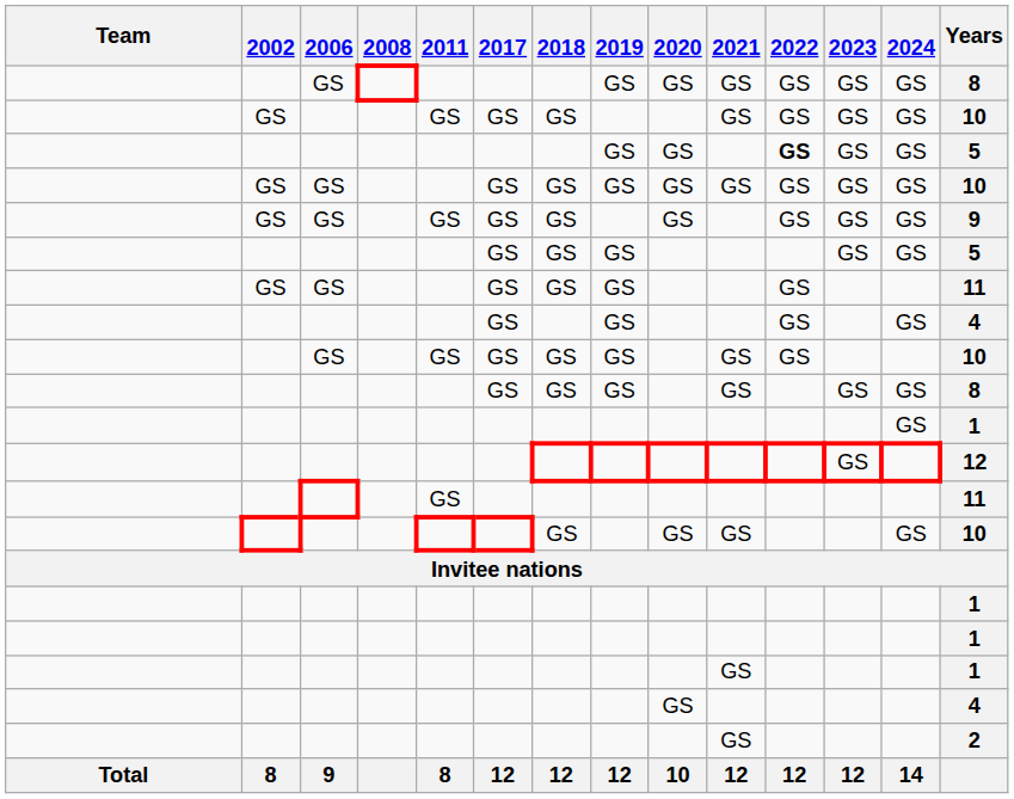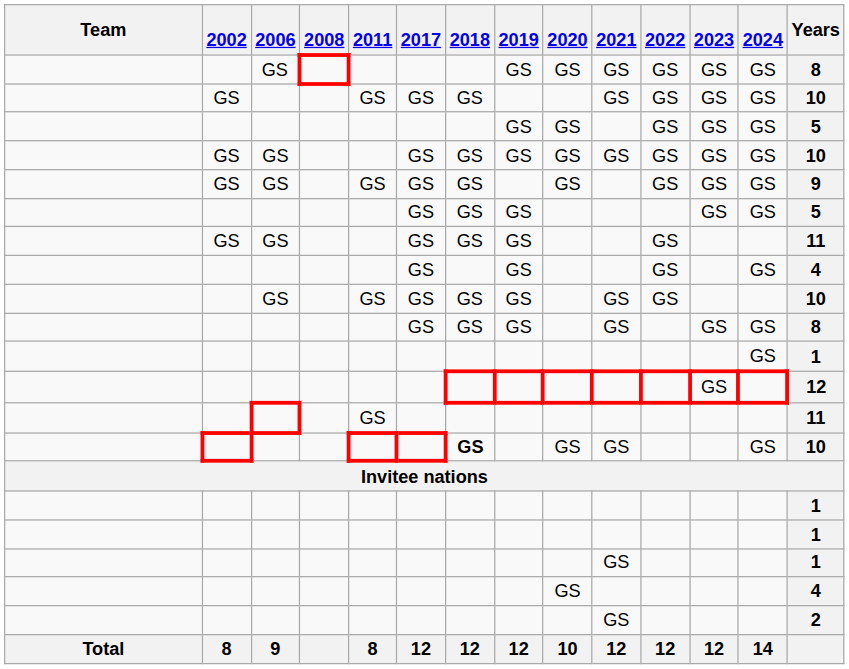 <table class="wikitable" style="text-align:center; font-size:90%">
 <tr>
 <th width=150>Team</th>
 <th><br><a href='#'>2002</a></th>
 <th><br><a href='#'>2006</a></th>
 <th><br><a href='#'>2008</a></th>
 <th><br><a href='#'>2011</a></th>
 <th><br><a href='#'>2017</a></th>
 <th><br><a href='#'>2018</a></th>
 <th><br><a href='#'>2019</a></th>
 <th><br><a href='#'>2020</a></th>
 <th><br><a href='#'>2021</a></th>
 <th><br><a href='#'>2022</a></th>
 <th><br><a href='#'>2023</a></th>
 <th><br><a href='#'>2024</a></th>
 <th>Years</th>
 </tr>
 <tr>
 <td align=left></td>
 <td></td>
 <td>GS</td>
 <td style="border: 3px solid red"></td>
 <td></td>
 <td></td>
 <td></td>
 <td>GS</td>
 <td>GS</td>
 <td>GS</td>
 <td>GS</td>
 <td>GS</td>
 <td>GS</td>
 <th>8</th>
 </tr>
 <tr>
 <td align=left></td>
 <td>GS</td>
 <td></td>
 <td></td>
 <td>GS</td>
 <td>GS</td>
 <td>GS</td>
 <td></td>
 <td></td>
 <td>GS</td>
 <td>GS</td>
 <td>GS</td>
 <td>GS</td>
 <th>10</th>
 </tr>
 <tr>
 <td align=left></td>
 <td></td>
 <td></td>
 <td></td>
 <td></td>
 <td></td>
 <td></td>
 <td>GS</td>
 <td>GS</td>
 <td></td>
-<td><strong>GS</strong></td>
+<td>GS</td>
 <td>GS</td>
 <td>GS</td>
 <th>5</th>
 </tr>
 <tr>
 <td align=left></td>
 <td>GS</td>
 <td>GS</td>
 <td></td>
 <td></td>
 <td>GS</td>
 <td>GS</td>
 <td>GS</td>
 <td>GS</td>
 <td>GS</td>
 <td>GS</td>
 <td>GS</td>
 <td>GS</td>
 <th>10</th>
 </tr>
 <tr>
 <td align=left></td>
 <td>GS</td>
 <td>GS</td>
 <td></td>
 <td>GS</td>
 <td>GS</td>
 <td>GS</td>
 <td></td>
 <td>GS</td>
 <td></td>
 <td>GS</td>
 <td>GS</td>
 <td>GS</td>
 <th>9</th>
 </tr>
 <tr>
 <td align=left></td>
 <td></td>
 <td></td>
 <td></td>
 <td></td>
 <td>GS</td>
 <td>GS</td>
 <td>GS</td>
 <td></td>
 <td></td>
 <td></td>
 <td>GS</td>
 <td>GS</td>
 <th>5</th>
 </tr>
 <tr>
 <td align=left></td>
 <td>GS</td>
 <td>GS</td>
 <td></td>
 <td></td>
 <td>GS</td>
 <td>GS</td>
 <td>GS</td>
 <td></td>
 <td></td>
 <td>GS</td>
 <td></td>
 <td></td>
 <th>11</th>
 </tr>
 <tr>
 <td align=left></td>
 <td></td>
 <td></td>
 <td></td>
 <td></td>
 <td>GS</td>
 <td></td>
 <td>GS</td>
 <td></td>
 <td></td>
 <td>GS</td>
 <td></td>
 <td>GS</td>
 <th>4</th>
 </tr>
 <tr>
 <td align=left></td>
 <td></td>
 <td>GS</td>
 <td></td>
 <td>GS</td>
 <td>GS</td>
 <td>GS</td>
 <td>GS</td>
 <td></td>
 <td>GS</td>
 <td>GS</td>
 <td></td>
 <td></td>
 <th>10</th>
 </tr>
 <tr>
 <td align=left></td>
 <td></td>
 <td></td>
 <td></td>
 <td></td>
 <td>GS</td>
 <td>GS</td>
 <td>GS</td>
 <td></td>
 <td>GS</td>
 <td></td>
 <td>GS</td>
 <td>GS</td>
 <th>8</th>
 </tr>
 <tr>
 <td align=left></td>
 <td></td>
 <td></td>
 <td></td>
 <td></td>
 <td></td>
 <td></td>
 <td></td>
 <td></td>
 <td></td>
 <td></td>
 <td></td>
 <td>GS</td>
 <th>1</th>
 </tr>
 <tr>
 <td align=left></td>
 <td></td>
 <td></td>
 <td></td>
 <td></td>
 <td></td>
 <td style="border: 3px solid red"></td>
 <td style="border: 3px solid red"></td>
 <td style="border: 3px solid red"></td>
 <td style="border: 3px solid red"></td>
 <td style="border: 3px solid red"></td>
 <td style="border: 3px solid red">GS</td>
 <td style="border: 3px solid red"></td>
 <th>12</th>
 </tr>
 <tr>
 <td align=left></td>
 <td></td>
 <td style="border: 3px solid red"></td>
 <td></td>
 <td>GS</td>
 <td></td>
 <td></td>
 <td></td>
 <td></td>
 <td></td>
 <td></td>
 <td></td>
 <td></td>
 <th>11</th>
 </tr>
 <tr>
 <td align=left></td>
 <td style="border: 3px solid red"></td>
 <td></td>
 <td></td>
 <td style="border: 3px solid red"></td>
 <td style="border: 3px solid red"></td>
-<td>GS</td>
+<td><strong>GS</strong></td>
 <td></td>
 <td>GS</td>
 <td>GS</td>
 <td></td>
 <td></td>
 <td>GS</td>
 <th>10</th>
 </tr>
 <tr>
 <th colspan=14>Invitee nations</th>
 </tr>
 <tr>
 <td align=left></td>
 <td></td>
 <td></td>
 <td></td>
 <td></td>
 <td></td>
 <td></td>
 <td></td>
 <td></td>
 <td></td>
 <td></td>
 <td></td>
 <td></td>
 <th>1</th>
 </tr>
 <tr>
 <td align=left></td>
 <td></td>
 <td></td>
 <td></td>
 <td></td>
 <td></td>
 <td></td>
 <td></td>
 <td></td>
 <td></td>
 <td></td>
 <td></td>
 <td></td>
 <th>1</th>
 </tr>
 <tr>
 <td align=left></td>
 <td></td>
 <td></td>
 <td></td>
 <td></td>
 <td></td>
 <td></td>
 <td></td>
 <td></td>
 <td>GS</td>
 <td></td>
 <td></td>
 <td></td>
 <th>1</th>
 </tr>
 <tr>
 <td align=left></td>
 <td></td>
 <td></td>
 <td></td>
 <td></td>
 <td></td>
 <td></td>
 <td></td>
 <td>GS</td>
 <td></td>
 <td></td>
 <td></td>
 <td></td>
 <th>4</th>
 </tr>
 <tr>
 <td align=left></td>
 <td></td>
 <td></td>
 <td></td>
 <td></td>
 <td></td>
 <td></td>
 <td></td>
 <td></td>
 <td>GS</td>
 <td></td>
 <td></td>
 <td></td>
 <th>2</th>
 </tr>
 <tr>
 <th>Total</th>
 <th>8</th>
 <th>9</th>
 <th></th>
 <th>8</th>
 <th>12</th>
 <th>12</th>
 <th>12</th>
 <th>10</th>
 <th>12</th>
 <th>12</th>
 <th>12</th>
 <th>14</th>
 <th></th>
 </tr>
 </table>
